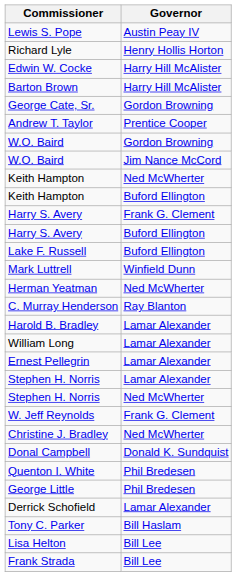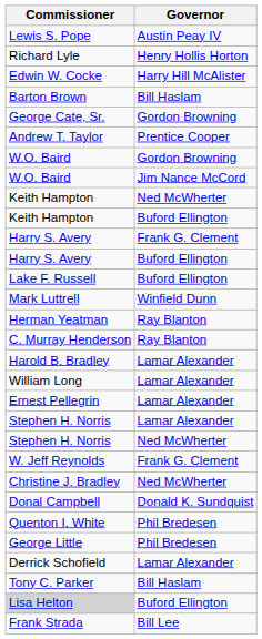 <table class="wikitable" align= right style="margin:1em">
 <tr>
 <th>Commissioner</th>
 <th>Governor</th>
 </tr>
 <tr>
 <td><a href='#'>Lewis S. Pope</a></td>
 <td><a href='#'>Austin Peay IV</a></td>
 </tr>
 <tr>
 <td>Richard Lyle</td>
 <td><a href='#'>Henry Hollis Horton</a></td>
 </tr>
 <tr>
 <td><a href='#'>Edwin W. Cocke</a></td>
 <td><a href='#'>Harry Hill McAlister</a></td>
 </tr>
 <tr>
 <td><a href='#'>Barton Brown</a></td>
-<td><a href='#'>Harry Hill McAlister</a></td>
+<td><a href='#'>Bill Haslam</a></td>
 </tr>
 <tr>
 <td><a href='#'>George Cate, Sr.</a></td>
 <td><a href='#'>Gordon Browning</a></td>
 </tr>
 <tr>
 <td><a href='#'>Andrew T. Taylor</a></td>
 <td><a href='#'>Prentice Cooper</a></td>
 </tr>
 <tr>
 <td><a href='#'>W.O. Baird</a></td>
 <td><a href='#'>Gordon Browning</a></td>
 </tr>
 <tr>
 <td><a href='#'>W.O. Baird</a></td>
 <td><a href='#'>Jim Nance McCord</a></td>
 </tr>
 <tr>
 <td>Keith Hampton</td>
 <td><a href='#'>Ned McWherter</a></td>
 </tr>
 <tr>
 <td>Keith Hampton</td>
 <td><a href='#'>Buford Ellington</a></td>
 </tr>
 <tr>
 <td><a href='#'>Harry S. Avery</a></td>
 <td><a href='#'>Frank G. Clement</a></td>
 </tr>
 <tr>
 <td><a href='#'>Harry S. Avery</a></td>
 <td><a href='#'>Buford Ellington</a></td>
 </tr>
 <tr>
 <td><a href='#'>Lake F. Russell</a></td>
 <td><a href='#'>Buford Ellington</a></td>
 </tr>
 <tr>
 <td><a href='#'>Mark Luttrell</a></td>
 <td><a href='#'>Winfield Dunn</a></td>
 </tr>
 <tr>
 <td><a href='#'>Herman Yeatman</a></td>
-<td><a href='#'>Ned McWherter</a></td>
+<td><a href='#'>Ray Blanton</a></td>
 </tr>
 <tr>
 <td><a href='#'>C. Murray Henderson</a></td>
 <td><a href='#'>Ray Blanton</a></td>
 </tr>
 <tr>
 <td><a href='#'>Harold B. Bradley</a></td>
 <td><a href='#'>Lamar Alexander</a></td>
 </tr>
 <tr>
 <td>William Long </td>
 <td><a href='#'>Lamar Alexander</a></td>
 </tr>
 <tr>
 <td><a href='#'>Ernest Pellegrin</a></td>
 <td><a href='#'>Lamar Alexander</a></td>
 </tr>
 <tr>
 <td><a href='#'>Stephen H. Norris</a></td>
 <td><a href='#'>Lamar Alexander</a></td>
 </tr>
 <tr>
 <td><a href='#'>Stephen H. Norris</a></td>
 <td><a href='#'>Ned McWherter</a></td>
 </tr>
 <tr>
 <td><a href='#'>W. Jeff Reynolds</a></td>
 <td><a href='#'>Frank G. Clement</a></td>
 </tr>
 <tr>
 <td><a href='#'>Christine J. Bradley</a></td>
 <td><a href='#'>Ned McWherter</a></td>
 </tr>
 <tr>
 <td><a href='#'>Donal Campbell</a></td>
 <td><a href='#'>Donald K. Sundquist</a></td>
 </tr>
 <tr>
 <td><a href='#'>Quenton I. White</a></td>
 <td><a href='#'>Phil Bredesen</a></td>
 </tr>
 <tr>
 <td><a href='#'>George Little</a></td>
 <td><a href='#'>Phil Bredesen</a></td>
 </tr>
 <tr>
 <td>Derrick Schofield</td>
 <td><a href='#'>Lamar Alexander</a></td>
 </tr>
 <tr>
 <td><a href='#'>Tony C. Parker</a></td>
 <td><a href='#'>Bill Haslam</a></td>
 </tr>
 <tr>
-<td><a href='#'>Lisa Helton</a></td>
-<td><a href='#'>Bill Lee</a></td>
+<td style="background: lightgrey;"><a href='#'>Lisa Helton</a></td>
+<td><a href='#'>Buford Ellington</a></td>
 </tr>
 <tr>
 <td><a href='#'>Frank Strada</a></td>
 <td><a href='#'>Bill Lee</a></td>
 </tr>
 </table>
